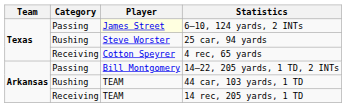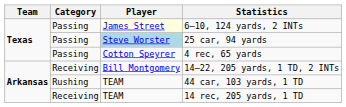 <table class="wikitable" style="float: right;">
 <tr>
 <th>Team</th>
 <th>Category</th>
 <th>Player</th>
 <th>Statistics</th>
 </tr>
 <tr>
 <td rowspan=3><strong>Texas</strong></td>
 <td>Passing</td>
 <td style="background: lightyellow;"><a href='#'>James Street</a></td>
 <td>6–10, 124 yards, 2 INTs</td>
 </tr>
 <tr>
-<td>Rushing</td>
-<td><a href='#'>Steve Worster</a></td>
+<td>Passing</td>
+<td style="background: lightblue;"><a href='#'>Steve Worster</a></td>
 <td>25 car, 94 yards</td>
 </tr>
 <tr>
-<td>Receiving</td>
+<td>Passing</td>
 <td><a href='#'>Cotton Speyrer</a></td>
 <td>4 rec, 65 yards</td>
 </tr>
 <tr>
 <td rowspan=3><strong>Arkansas</strong></td>
-<td>Passing</td>
+<td>Receiving</td>
 <td><a href='#'>Bill Montgomery</a></td>
 <td>14–22, 205 yards, 1 TD, 2 INTs</td>
 </tr>
 <tr>
 <td>Rushing</td>
 <td>TEAM</td>
 <td>44 car, 103 yards, 1 TD</td>
 </tr>
 <tr>
 <td>Receiving</td>
 <td>TEAM</td>
 <td>14 rec, 205 yards, 1 TD</td>
 </tr>
 </table>
